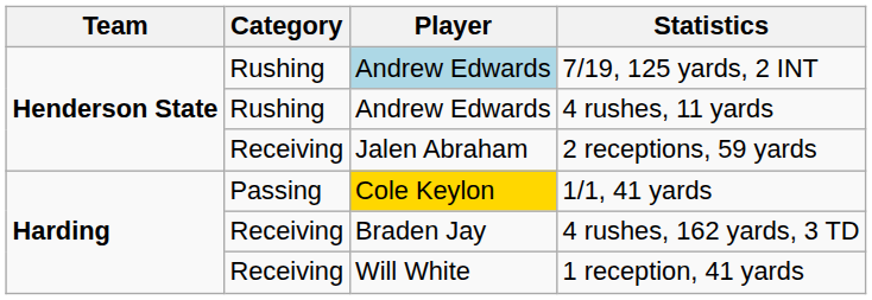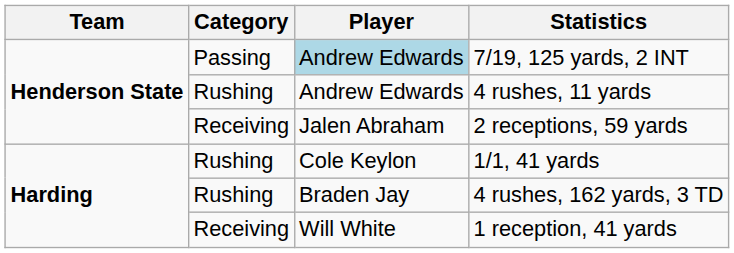 <table class="wikitable" style="float: right;">
 <tr>
 <th>Team</th>
 <th>Category</th>
 <th>Player</th>
 <th>Statistics</th>
 </tr>
 <tr>
 <td rowspan=3><strong>Henderson State</strong></td>
-<td>Rushing</td>
+<td>Passing</td>
 <td style="background: lightblue;">Andrew Edwards</td>
 <td>7/19, 125 yards, 2 INT</td>
 </tr>
 <tr>
 <td>Rushing</td>
 <td>Andrew Edwards</td>
 <td>4 rushes, 11 yards</td>
 </tr>
 <tr>
 <td>Receiving</td>
 <td>Jalen Abraham</td>
 <td>2 receptions, 59 yards</td>
 </tr>
 <tr>
 <td rowspan=3><strong>Harding</strong></td>
-<td>Passing</td>
-<td style="background: gold;">Cole Keylon</td>
+<td>Rushing</td>
+<td>Cole Keylon</td>
 <td>1/1, 41 yards</td>
 </tr>
 <tr>
-<td>Receiving</td>
+<td>Rushing</td>
 <td>Braden Jay</td>
 <td>4 rushes, 162 yards, 3 TD</td>
 </tr>
 <tr>
 <td>Receiving</td>
 <td>Will White</td>
 <td>1 reception, 41 yards</td>
 </tr>
 </table>
